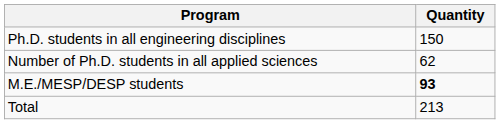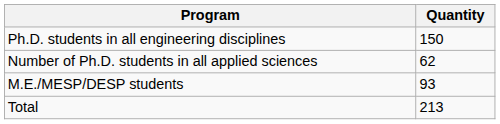 <table class="wikitable">
 <tr>
 <th width="450">Program</th>
 <th width="80">Quantity</th>
 </tr>
 <tr>
 <td>Ph.D. students in all engineering disciplines</td>
 <td>150</td>
 </tr>
 <tr>
 <td>Number of Ph.D. students in all applied sciences</td>
 <td>62</td>
 </tr>
 <tr>
 <td>M.E./MESP/DESP students</td>
-<td><strong>93</strong></td>
+<td>93</td>
 </tr>
 <tr>
 <td>Total</td>
 <td>213</td>
 </tr>
 </table>
